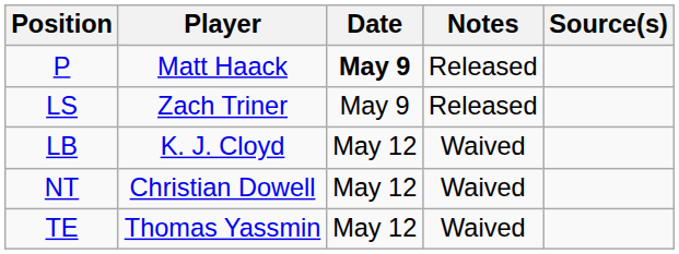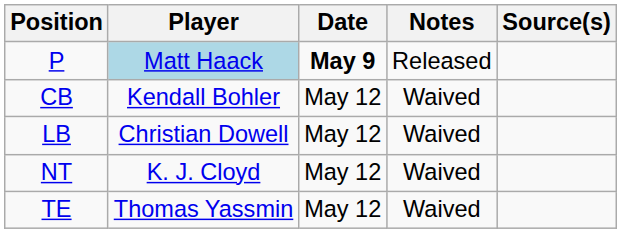 <table class="wikitable" style="text-align:center">
 <tr>
 <th>Position</th>
 <th>Player</th>
 <th>Date</th>
 <th>Notes</th>
 <th>Source(s)</th>
 </tr>
 <tr>
 <td><a href='#'>P</a></td>
-<td><a href='#'>Matt Haack</a></td>
+<td style="background: lightblue;"><a href='#'>Matt Haack</a></td>
 <td><strong>May 9</strong></td>
 <td>Released</td>
 <td></td>
 </tr>
 <tr>
-<td><a href='#'>LS</a></td>
-<td><a href='#'>Zach Triner</a></td>
-<td>May 9</td>
-<td>Released</td>
+<td><a href='#'>CB</a></td>
+<td><a href='#'>Kendall Bohler</a></td>
+<td>May 12</td>
+<td>Waived</td>
 <td></td>
 </tr>
 <tr>
 <td><a href='#'>LB</a></td>
-<td><a href='#'>K. J. Cloyd</a></td>
+<td><a href='#'>Christian Dowell</a></td>
 <td>May 12</td>
 <td>Waived</td>
 <td></td>
 </tr>
 <tr>
 <td><a href='#'>NT</a></td>
-<td><a href='#'>Christian Dowell</a></td>
+<td><a href='#'>K. J. Cloyd</a></td>
 <td>May 12</td>
 <td>Waived</td>
 <td></td>
 </tr>
 <tr>
 <td><a href='#'>TE</a></td>
 <td><a href='#'>Thomas Yassmin</a></td>
 <td>May 12</td>
 <td>Waived</td>
 <td></td>
 </tr>
 </table>
